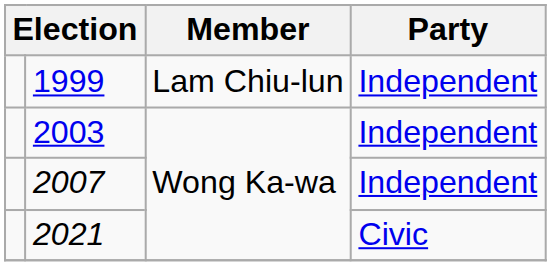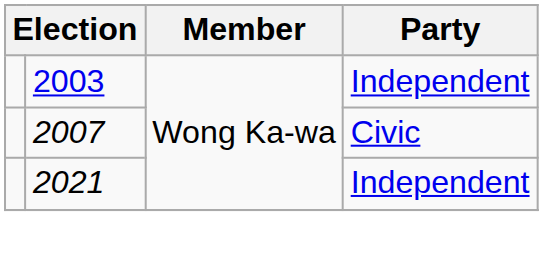 <table class="wikitable">
 <tr>
 <th colspan="2">Election</th>
 <th>Member</th>
 <th>Party</th>
-</tr>
-<tr>
-<td style="background-color: "></td>
-<td><a href='#'>1999</a></td>
-<td>Lam Chiu-lun</td>
-<td><a href='#'>Independent</a></td>
 </tr>
 <tr>
 <td style="background-color: "></td>
 <td><a href='#'>2003</a></td>
 <td rowspan=3>Wong Ka-wa</td>
 <td><a href='#'>Independent</a></td>
 </tr>
 <tr>
 <td style="background-color: "></td>
 <td><em>2007</em></td>
-<td><a href='#'>Independent</a></td>
+<td><a href='#'>Civic</a></td>
 </tr>
 <tr>
 <td style="background-color: "></td>
 <td><em>2021</em></td>
-<td><a href='#'>Civic</a></td>
+<td><a href='#'>Independent</a></td>
 </tr>
 <tr>
 </tr>
 </table>
